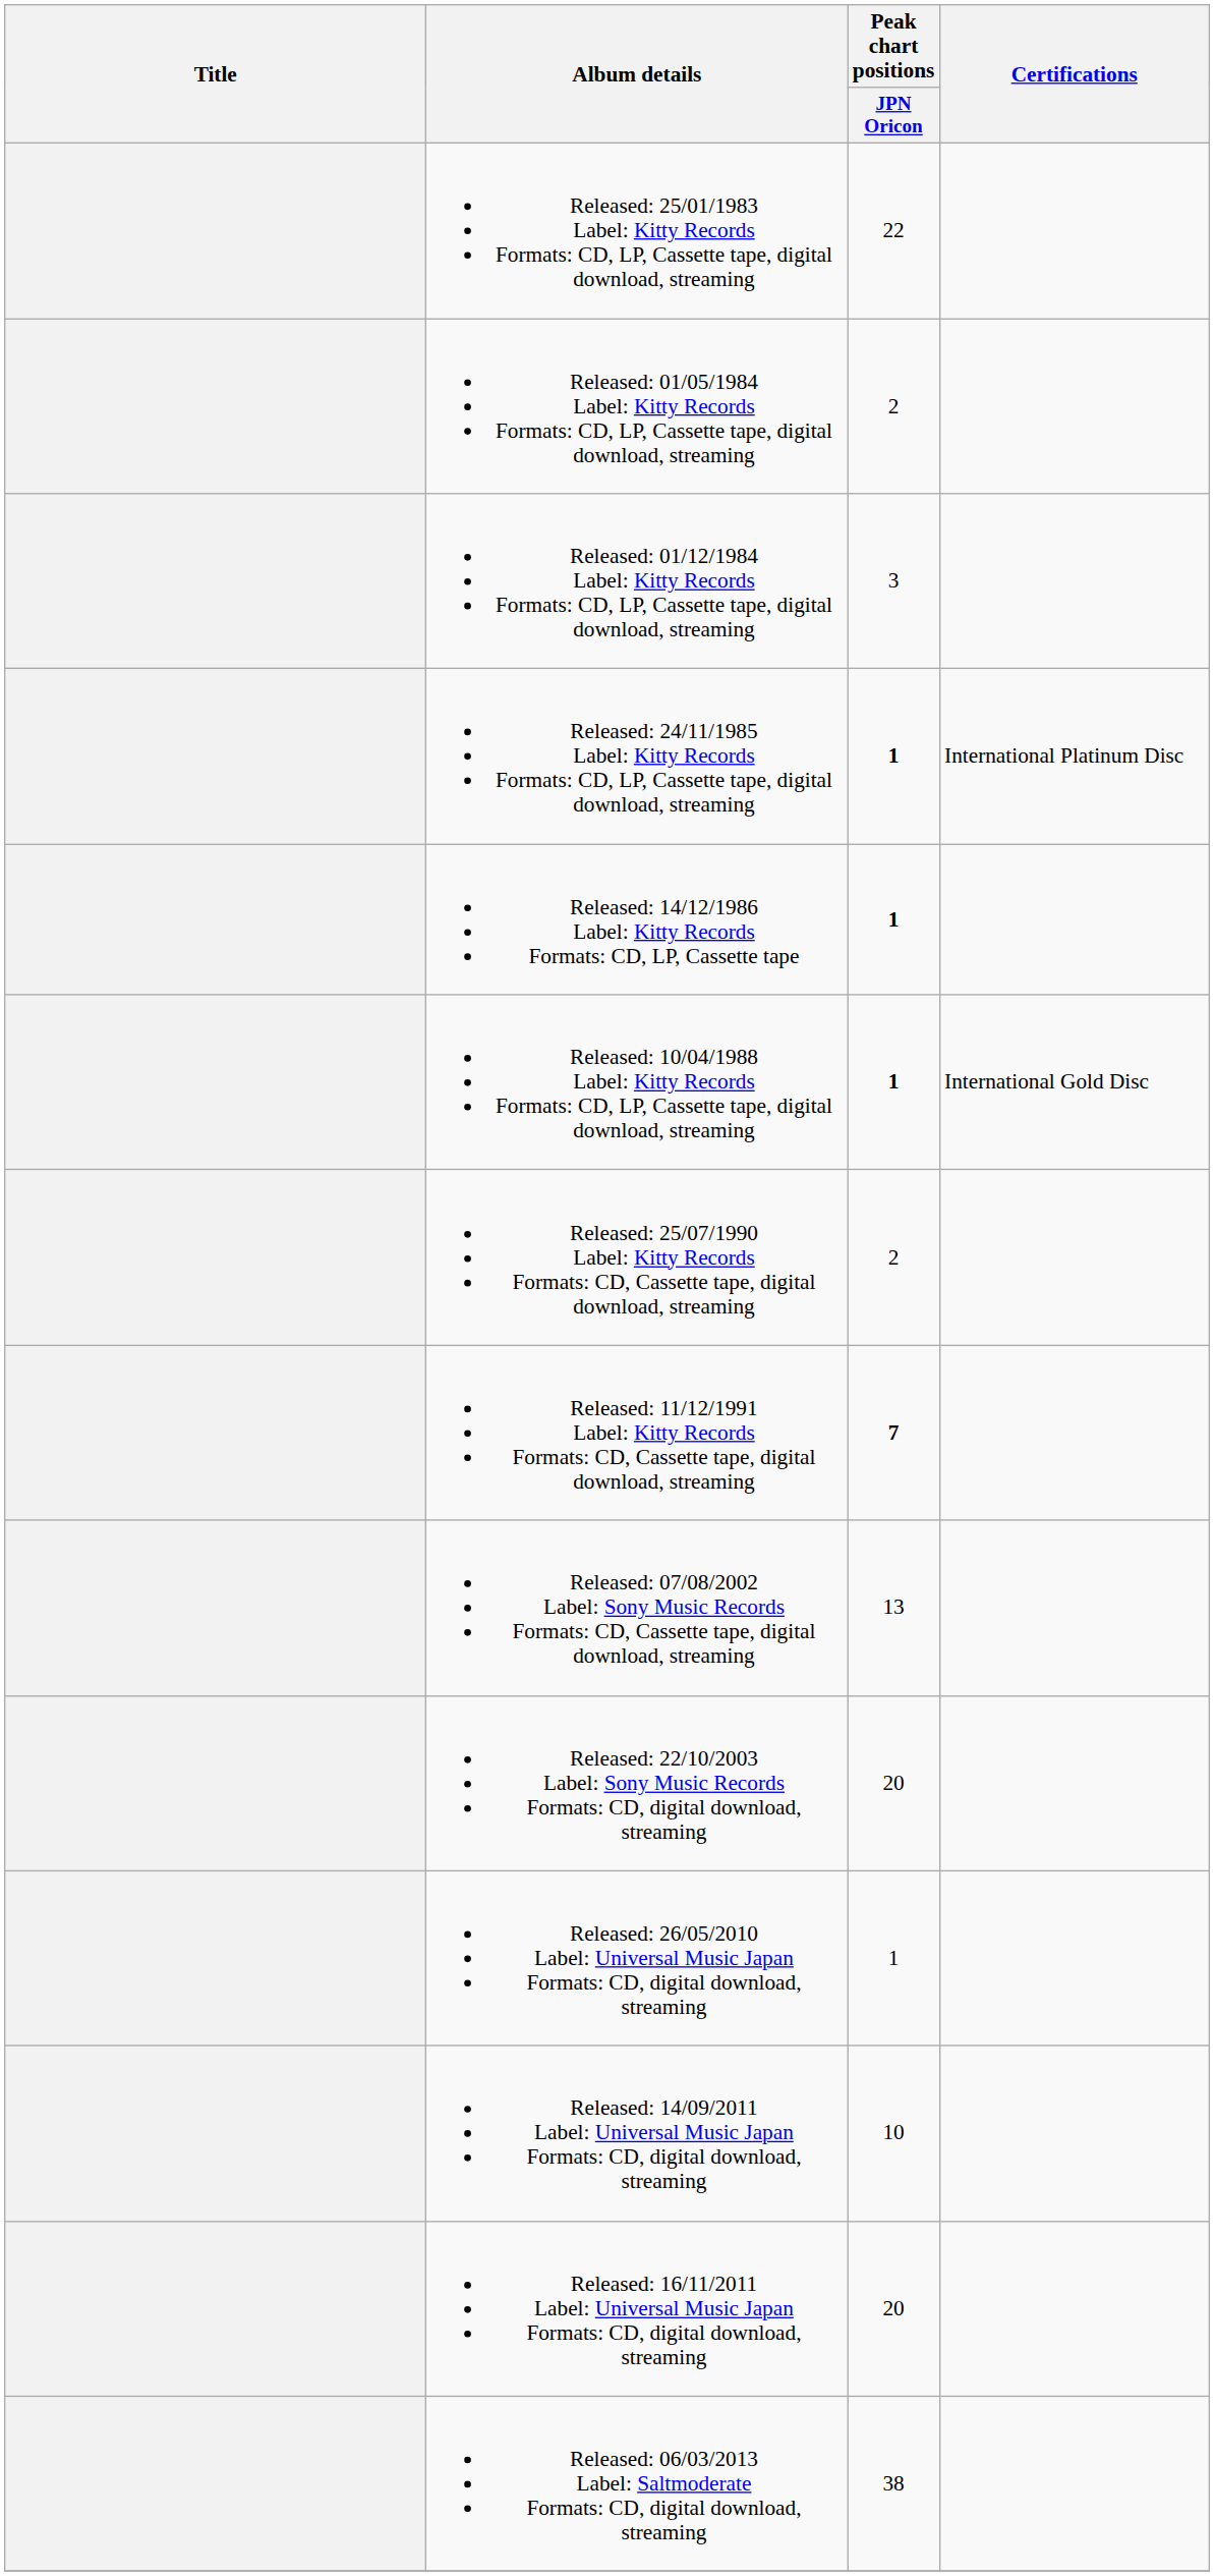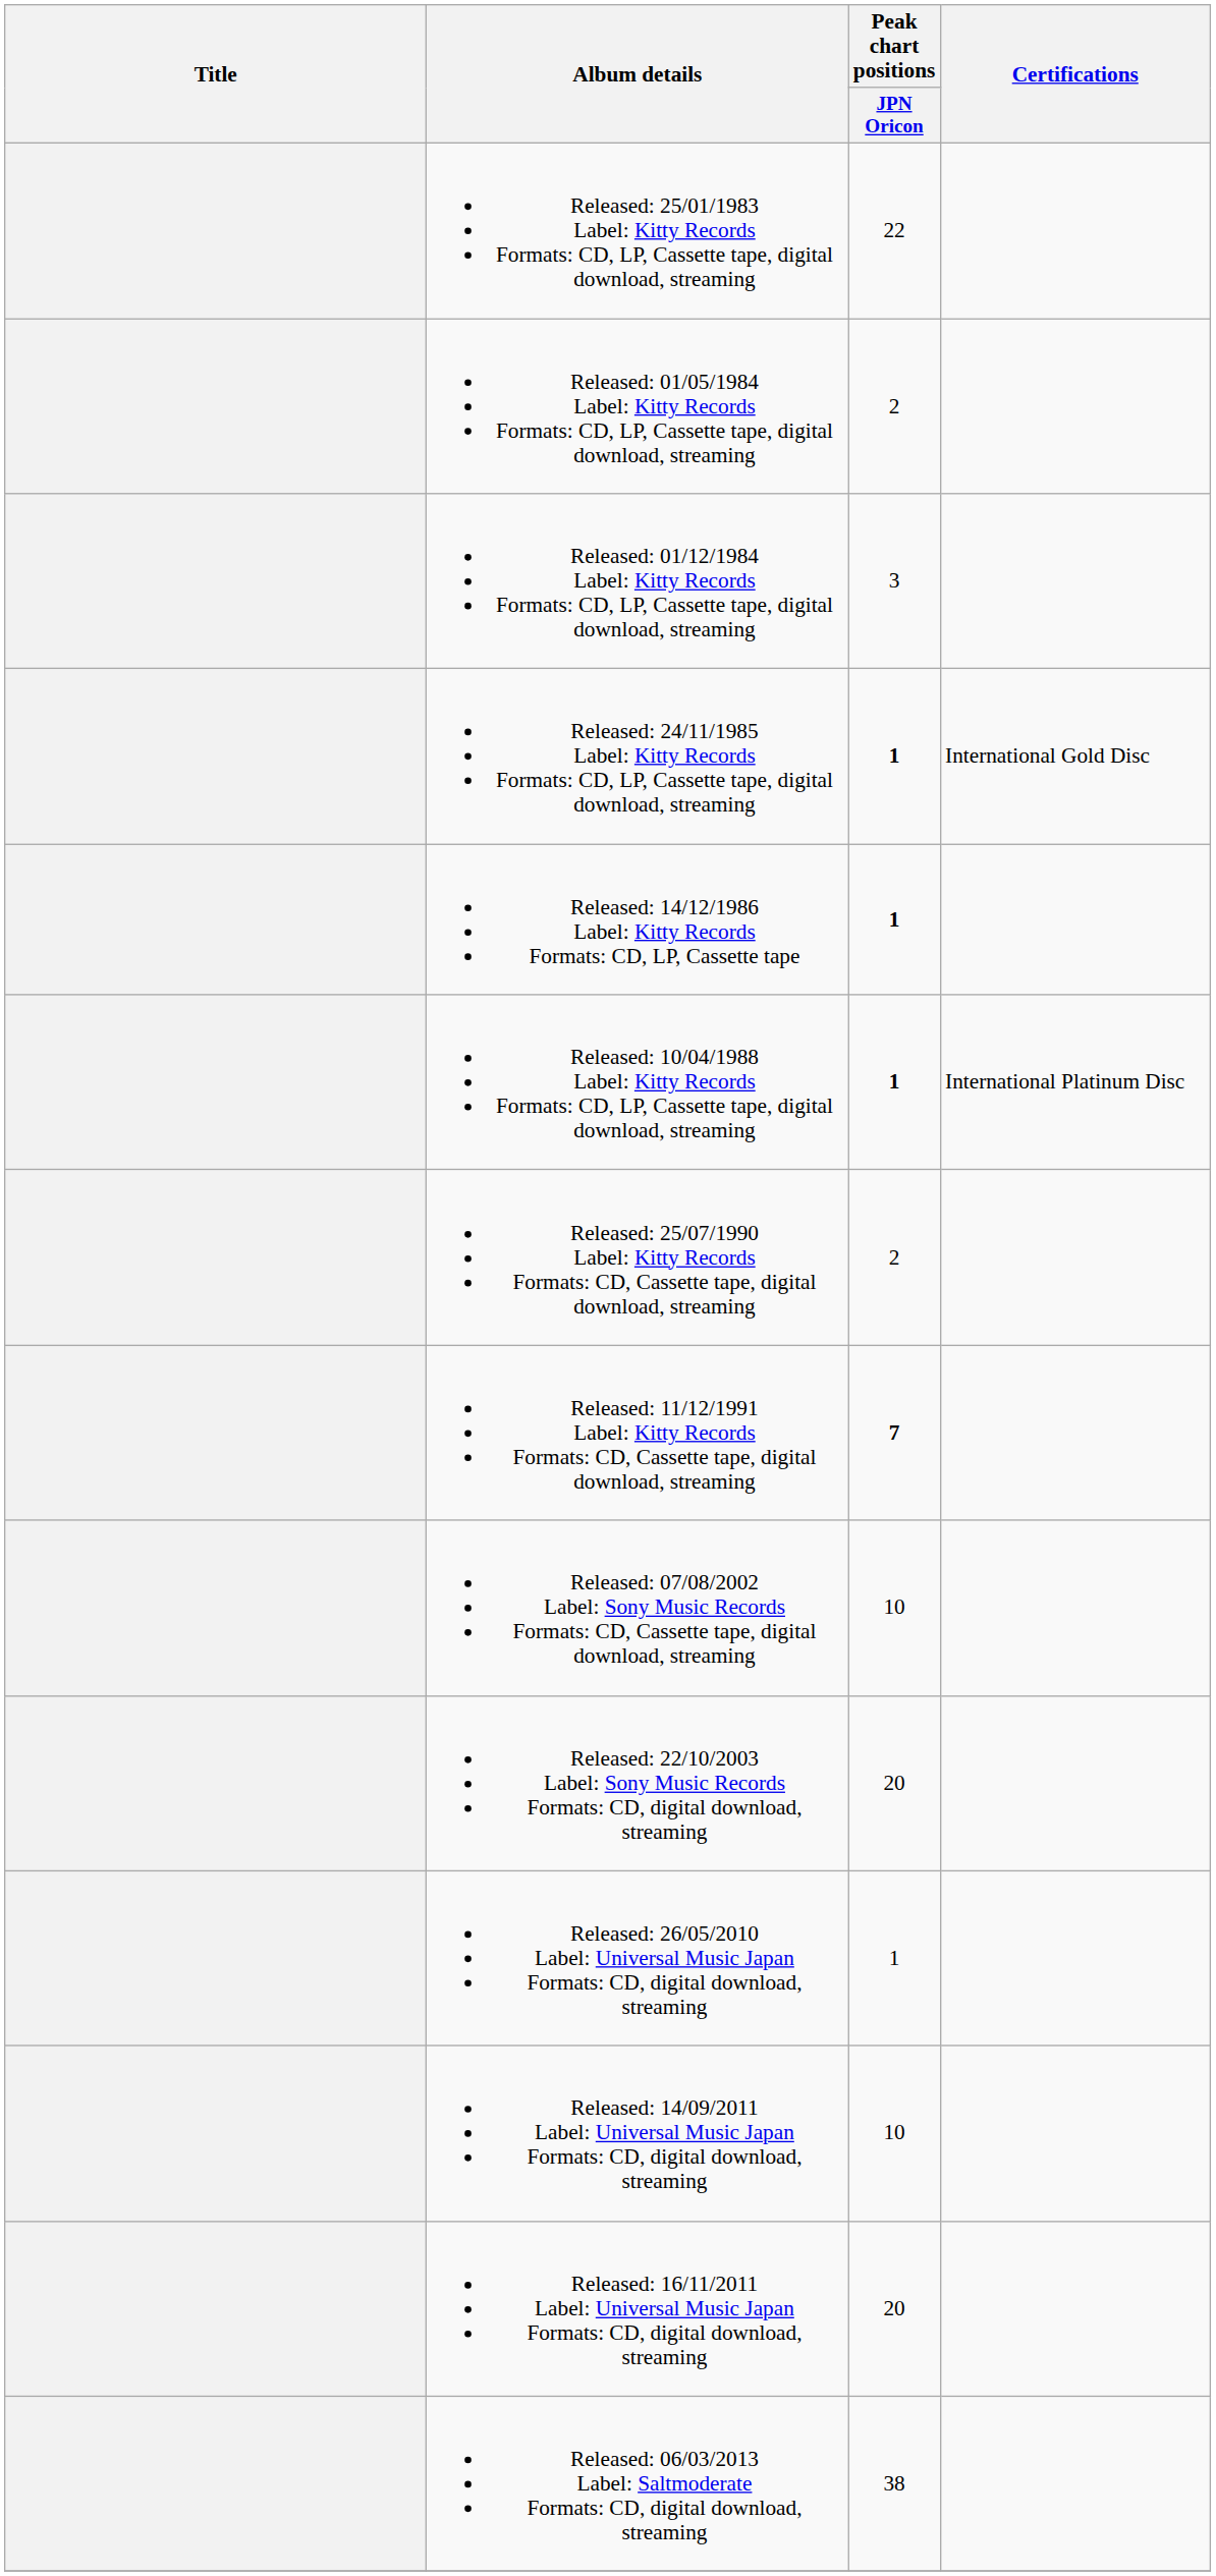 <table class="wikitable plainrowheaders" style="text-align:center;">
 <tr>
 <th scope="col" rowspan="2" style="width:19em;">Title</th>
 <th scope="col" rowspan="2" style="width:19em;">Album details</th>
 <th scope="col">Peak<br>chart<br>positions</th>
 <th style="width:12em;" rowspan="2"><a href='#'>Certifications</a></th>
 </tr>
 <tr>
 <th scope="col" style="width:2.9em;font-size:90%;"><a href='#'>JPN<br>Oricon</a><br></th>
 </tr>
 <tr>
 <th scope="row"></th>
 <td><br><ul><li>Released: 25/01/1983</li><li>Label: <a href='#'>Kitty Records</a></li><li>Formats: CD, LP, Cassette tape, digital download, streaming</li></ul></td>
 <td>22</td>
 <td align="left"></td>
 </tr>
 <tr>
 <th scope="row"></th>
 <td><br><ul><li>Released: 01/05/1984</li><li>Label: <a href='#'>Kitty Records</a></li><li>Formats: CD, LP, Cassette tape, digital download, streaming</li></ul></td>
 <td>2</td>
 <td align="left"></td>
 </tr>
 <tr>
 <th scope="row"></th>
 <td><br><ul><li>Released: 01/12/1984</li><li>Label: <a href='#'>Kitty Records</a></li><li>Formats: CD, LP, Cassette tape, digital download, streaming</li></ul></td>
 <td>3</td>
 <td align="left"></td>
 </tr>
 <tr>
 <th scope="row"></th>
 <td><br><ul><li>Released: 24/11/1985</li><li>Label: <a href='#'>Kitty Records</a></li><li>Formats: CD, LP, Cassette tape, digital download, streaming</li></ul></td>
 <td><strong>1</strong></td>
-<td align="left">International Platinum Disc</td>
+<td align="left">International Gold Disc</td>
 </tr>
 <tr>
 <th scope="row"></th>
 <td><br><ul><li>Released: 14/12/1986</li><li>Label: <a href='#'>Kitty Records</a></li><li>Formats: CD, LP, Cassette tape</li></ul></td>
 <td><strong>1</strong></td>
 <td align="left"></td>
 </tr>
 <tr>
 <th scope="row"></th>
 <td><br><ul><li>Released: 10/04/1988</li><li>Label: <a href='#'>Kitty Records</a></li><li>Formats: CD, LP, Cassette tape, digital download, streaming</li></ul></td>
 <td><strong>1</strong></td>
-<td align="left">International Gold Disc</td>
+<td align="left">International Platinum Disc</td>
 </tr>
 <tr>
 <th scope="row"></th>
 <td><br><ul><li>Released: 25/07/1990</li><li>Label: <a href='#'>Kitty Records</a></li><li>Formats: CD, Cassette tape, digital download, streaming</li></ul></td>
 <td>2</td>
 <td align="left"></td>
 </tr>
 <tr>
 <th scope="row"></th>
 <td><br><ul><li>Released: 11/12/1991</li><li>Label: <a href='#'>Kitty Records</a></li><li>Formats: CD, Cassette tape, digital download, streaming</li></ul></td>
 <td><strong>7</strong></td>
 <td align="left"></td>
 </tr>
 <tr>
 <th scope="row"></th>
 <td><br><ul><li>Released: 07/08/2002</li><li>Label: <a href='#'>Sony Music Records</a></li><li>Formats: CD, Cassette tape, digital download, streaming</li></ul></td>
-<td>13</td>
+<td>10</td>
 <td align="left"></td>
 </tr>
 <tr>
 <th scope="row"></th>
 <td><br><ul><li>Released: 22/10/2003</li><li>Label: <a href='#'>Sony Music Records</a></li><li>Formats: CD, digital download, streaming</li></ul></td>
 <td>20</td>
 <td align="left"></td>
 </tr>
 <tr>
 <th scope="row"></th>
 <td><br><ul><li>Released: 26/05/2010</li><li>Label: <a href='#'>Universal Music Japan</a></li><li>Formats: CD, digital download, streaming</li></ul></td>
 <td>1</td>
 <td align="left"></td>
 </tr>
 <tr>
 <th scope="row"></th>
 <td><br><ul><li>Released: 14/09/2011</li><li>Label: <a href='#'>Universal Music Japan</a></li><li>Formats: CD, digital download, streaming</li></ul></td>
 <td>10</td>
 <td align="left"></td>
 </tr>
 <tr>
 <th scope="row"></th>
 <td><br><ul><li>Released: 16/11/2011</li><li>Label: <a href='#'>Universal Music Japan</a></li><li>Formats: CD, digital download, streaming</li></ul></td>
 <td>20</td>
 <td align="left"></td>
 </tr>
 <tr>
 <th scope="row"></th>
 <td><br><ul><li>Released: 06/03/2013</li><li>Label: <a href='#'>Saltmoderate</a></li><li>Formats: CD, digital download, streaming</li></ul></td>
 <td>38</td>
 <td align="left"></td>
 </tr>
 <tr>
 </tr>
 </table>
